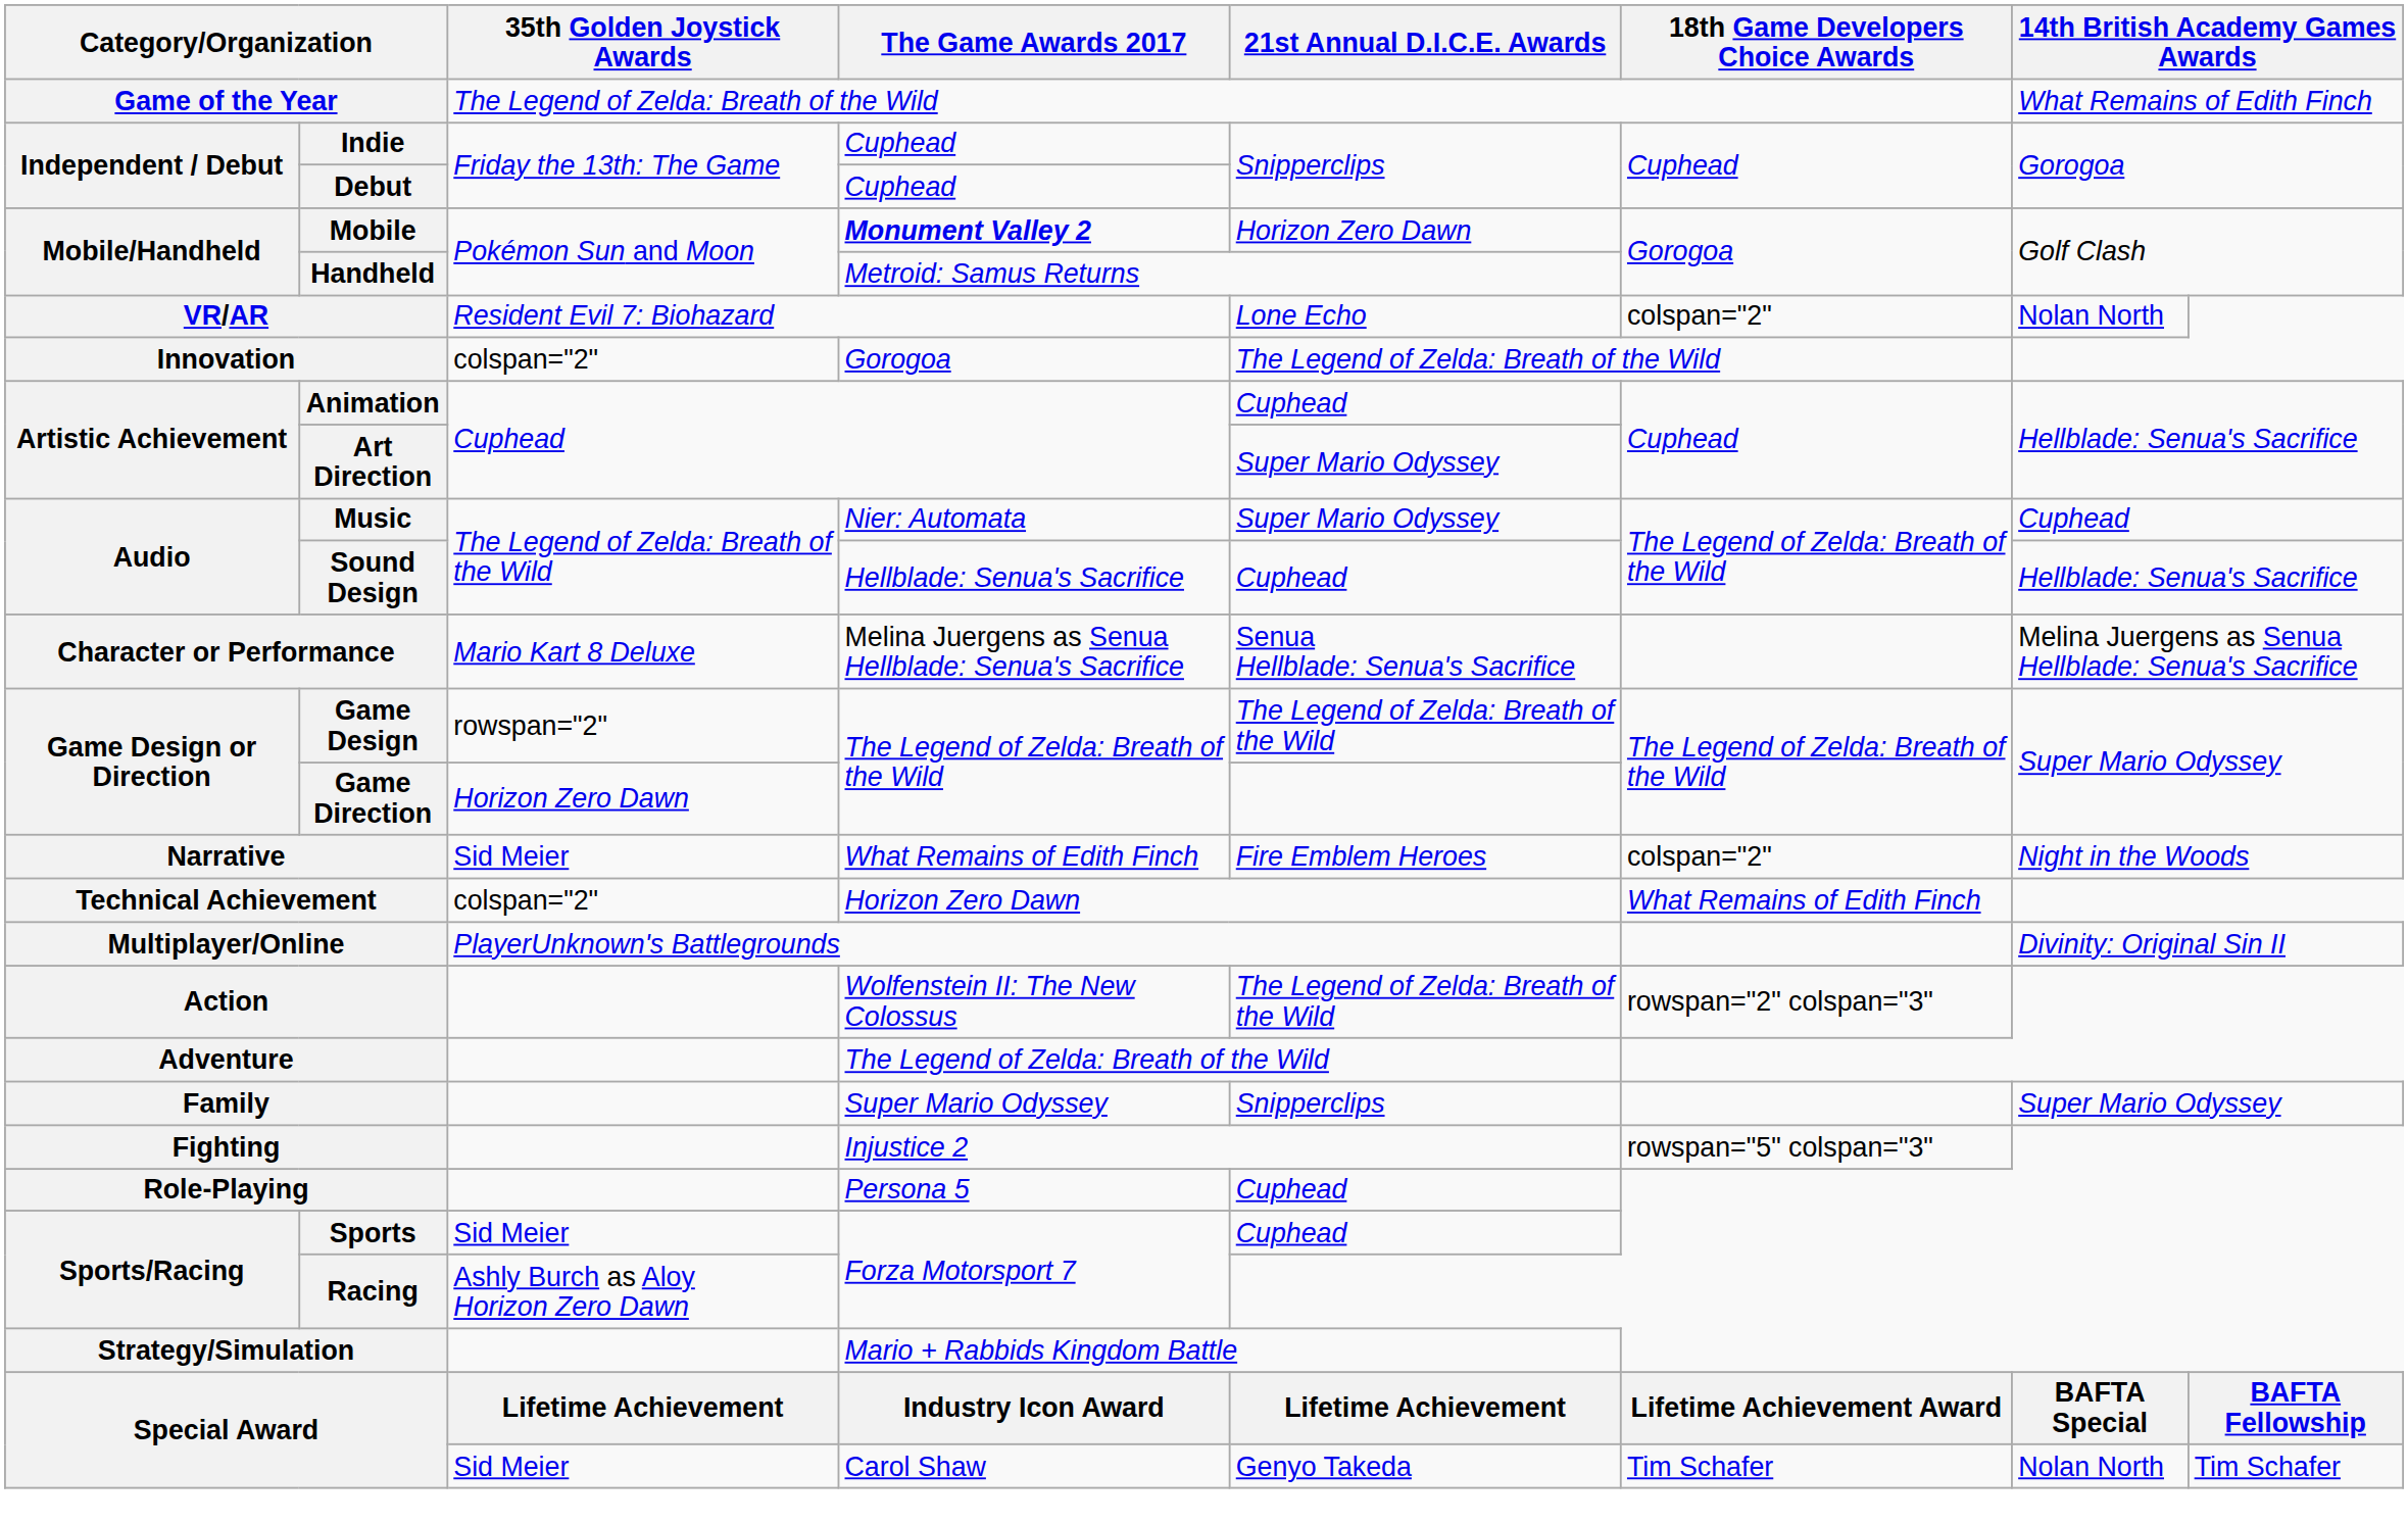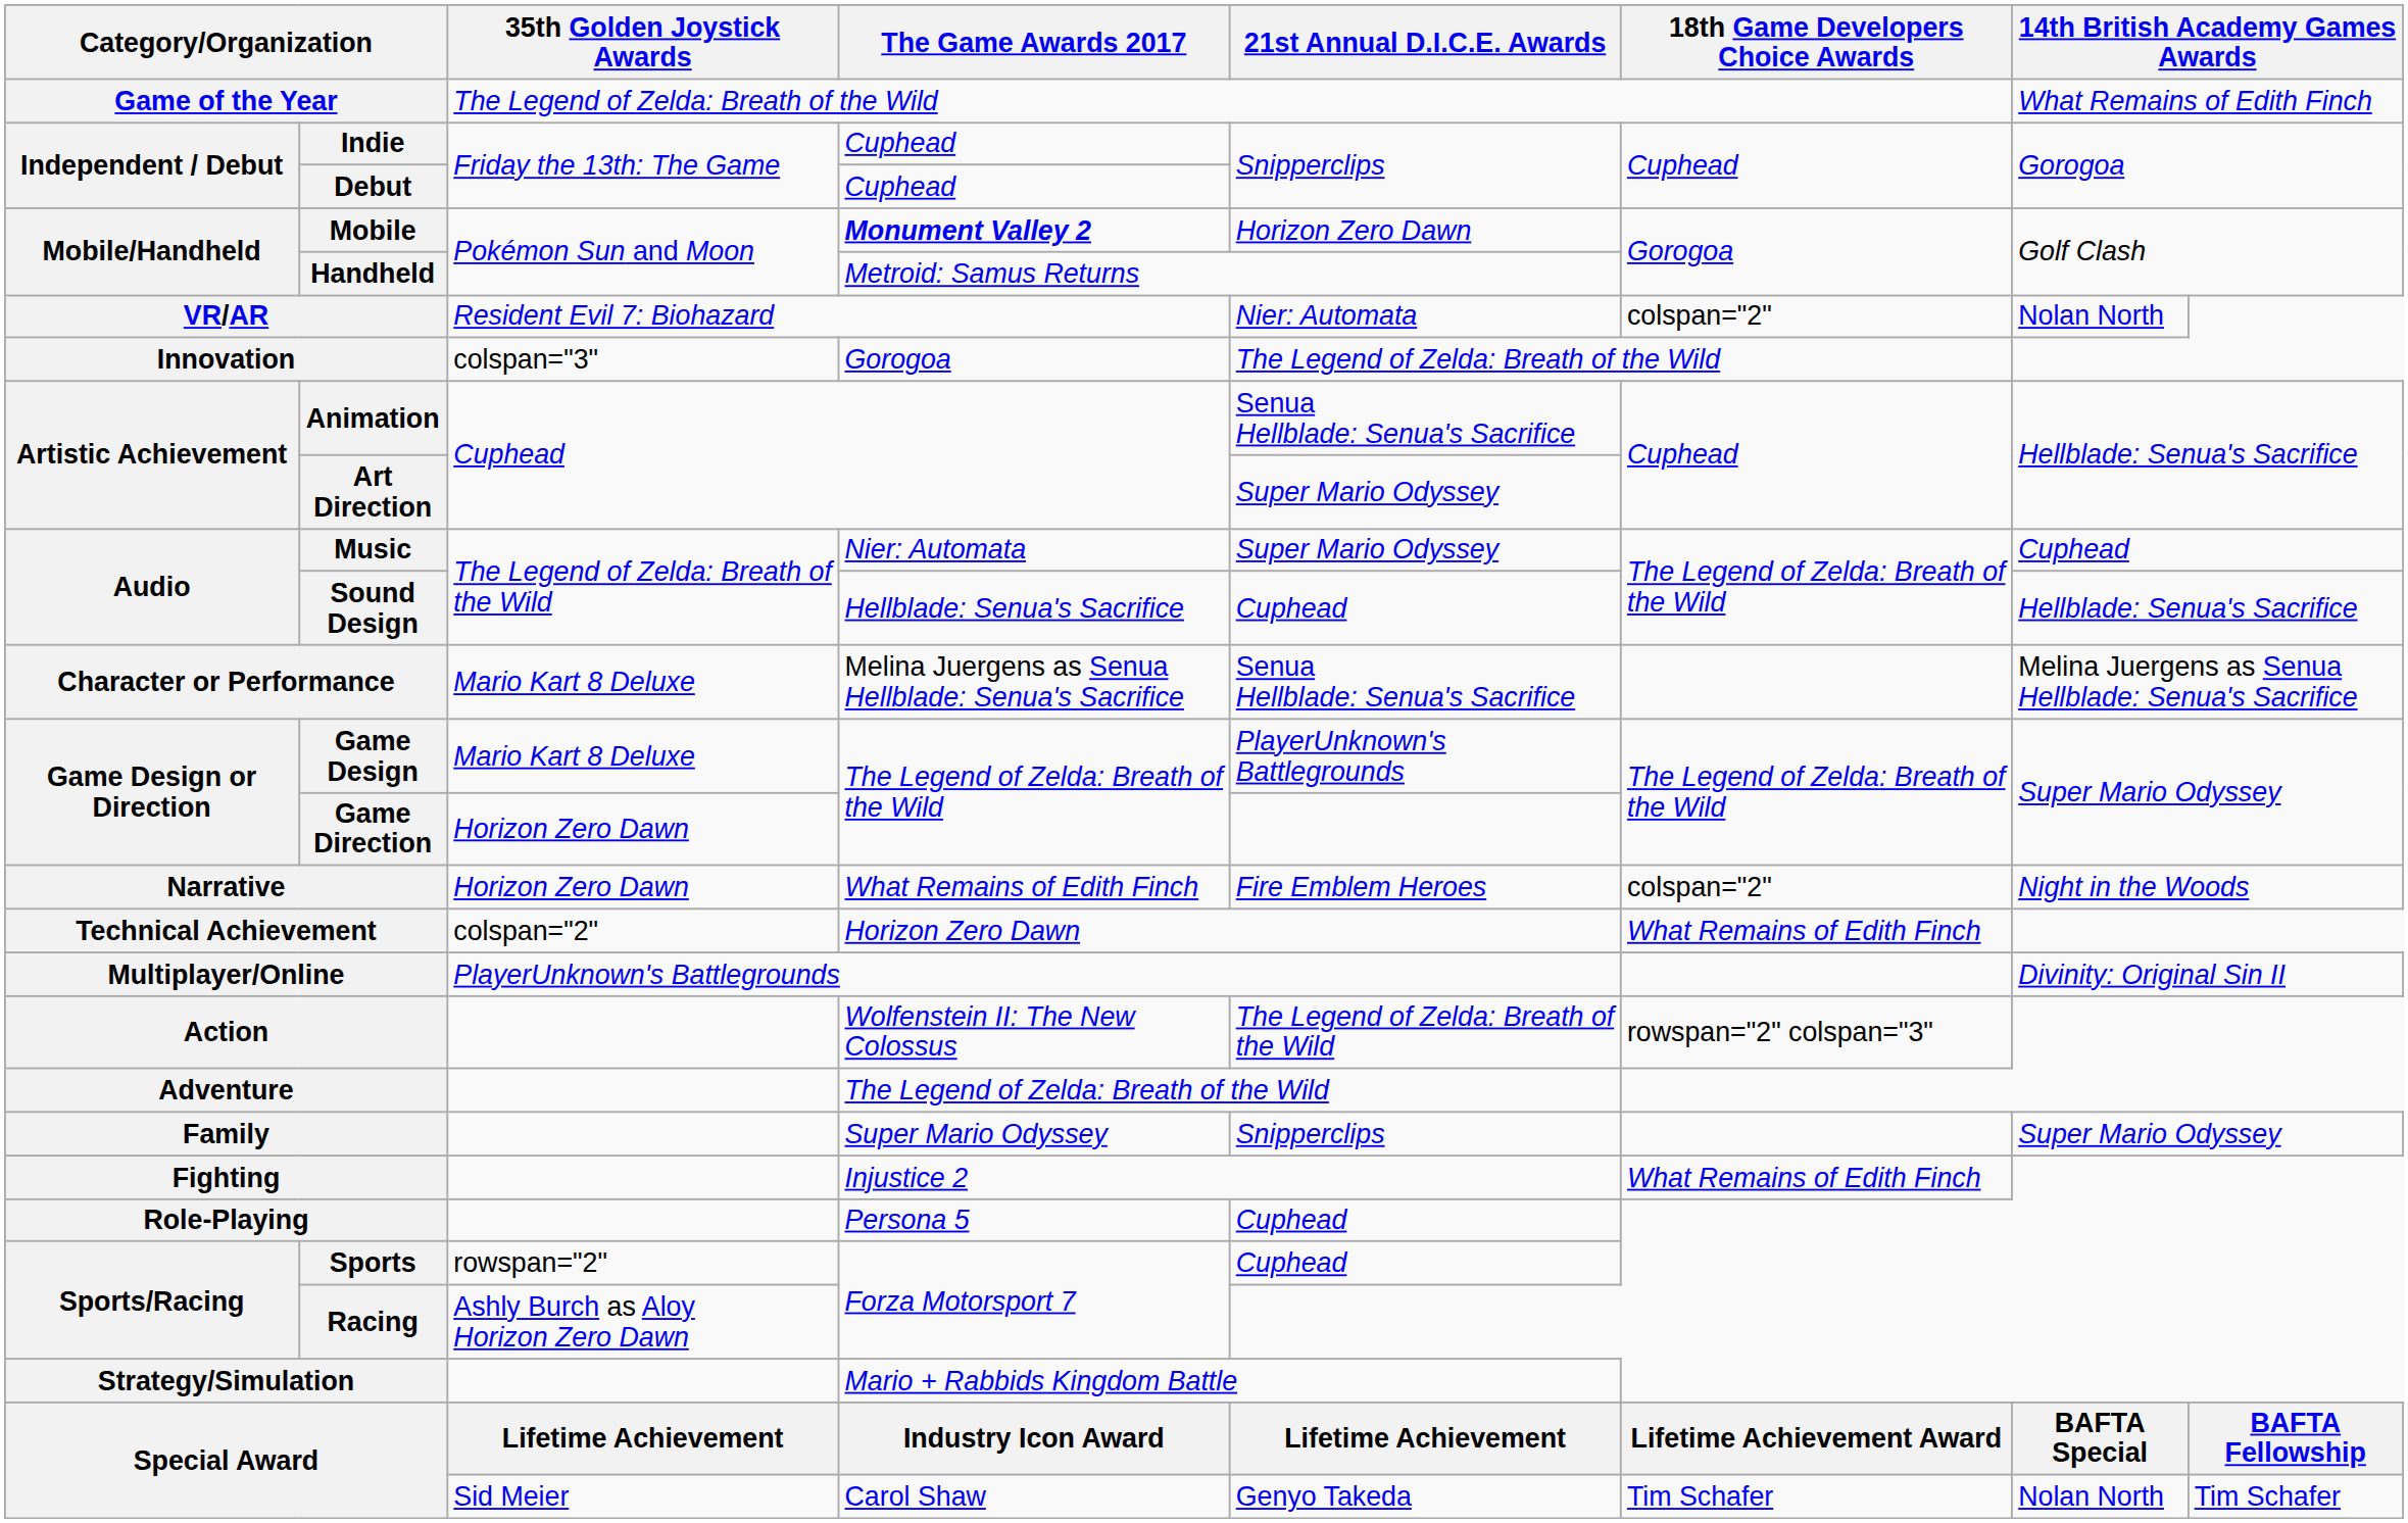 <table class="wikitable" style="border:none; margin:0; width:100%; font-size: 90%;">
 <tr>
 <th colspan="2" style="width:17%">Category/Organization</th>
 <th style="width:16%;">35th <a href='#'>Golden Joystick Awards</a><br></th>
 <th style="width:16%;"><a href='#'>The Game Awards 2017</a><br></th>
 <th style="width:16%;"><a href='#'>21st Annual D.I.C.E. Awards</a><br></th>
 <th style="width:16%;">18th <a href='#'>Game Developers Choice Awards</a><br></th>
 <th colspan="2" style="width:16%;"><a href='#'>14th British Academy Games Awards</a><br></th>
 </tr>
 <tr>
 <th scope="row" colspan="2"><a href='#'>Game of the Year</a></th>
 <td colspan=4><em><a href='#'>The Legend of Zelda: Breath of the Wild</a></em></td>
 <td colspan="2"><em><a href='#'>What Remains of Edith Finch</a></em></td>
 </tr>
 <tr>
 <th scope="row"  rowspan="2" style="width:9%;">Independent / Debut</th>
 <th>Indie</th>
 <td rowspan="2"><em><a href='#'>Friday the 13th: The Game</a></em></td>
 <td><em><a href='#'>Cuphead</a></em></td>
 <td rowspan="2"><em><a href='#'>Snipperclips</a></em></td>
 <td rowspan="2"><em><a href='#'>Cuphead</a></em></td>
 <td rowspan="2" colspan="2"><em><a href='#'>Gorogoa</a></em></td>
 </tr>
 <tr>
 <th scope="row">Debut</th>
 <td><em><a href='#'>Cuphead</a></em></td>
 </tr>
 <tr>
 <th scope="row" rowspan="2" style="width:12%;">Mobile/Handheld</th>
 <th>Mobile</th>
 <td rowspan="2"><a href='#'><em>Pokémon Sun</em> and <em>Moon</em></a></td>
 <td><strong><em><a href='#'>Monument Valley 2</a></em></strong></td>
 <td><em><a href='#'>Horizon Zero Dawn</a></em></td>
 <td rowspan="2"><em><a href='#'>Gorogoa</a></em></td>
 <td colspan="2" rowspan="2"><em>Golf Clash</em></td>
 </tr>
 <tr>
 <th scope="row">Handheld</th>
 <td colspan="2"><em><a href='#'>Metroid: Samus Returns</a></em></td>
 </tr>
 <tr>
 <th scope="row" colspan="2"><a href='#'>VR</a>/<a href='#'>AR</a></th>
 <td colspan="2"><em><a href='#'>Resident Evil 7: Biohazard</a></em></td>
-<td><em><a href='#'>Lone Echo</a></em></td>
+<td><em><a href='#'>Nier: Automata</a></em></td>
 <td>colspan="2" </td>
 <td><a href='#'>Nolan North</a></td>
 </tr>
 <tr>
 <th scope="row" colspan="2" style="width:9%;">Innovation</th>
-<td>colspan="2" </td>
+<td>colspan="3" </td>
 <td><em><a href='#'>Gorogoa</a></em></td>
 <td colspan="2"><em><a href='#'>The Legend of Zelda: Breath of the Wild</a></em></td>
 </tr>
 <tr>
 <th scope="row" rowspan="2" style="width:9%;">Artistic Achievement</th>
 <th>Animation</th>
 <td rowspan="2" colspan="2"><em><a href='#'>Cuphead</a></em></td>
-<td><em><a href='#'>Cuphead</a></em></td>
+<td><a href='#'>Senua</a><br><em><a href='#'>Hellblade: Senua's Sacrifice</a></em></td>
 <td rowspan="2"><em><a href='#'>Cuphead</a></em></td>
 <td rowspan="2" colspan="2"><em><a href='#'>Hellblade: Senua's Sacrifice</a></em></td>
 </tr>
 <tr>
 <th scope="row">Art Direction</th>
 <td><em><a href='#'>Super Mario Odyssey</a></em></td>
 </tr>
 <tr>
 <th scope="row" rowspan="2" style="width:12%;">Audio</th>
 <th>Music</th>
 <td rowspan="2"><em><a href='#'>The Legend of Zelda: Breath of the Wild</a></em></td>
 <td><em><a href='#'>Nier: Automata</a></em></td>
 <td><em><a href='#'>Super Mario Odyssey</a></em></td>
 <td rowspan="2"><em><a href='#'>The Legend of Zelda: Breath of the Wild</a></em></td>
 <td colspan="2"><em><a href='#'>Cuphead</a></em></td>
 </tr>
 <tr>
 <th scope="row">Sound Design</th>
 <td><em><a href='#'>Hellblade: Senua's Sacrifice</a></em></td>
 <td><em><a href='#'>Cuphead</a></em></td>
 <td colspan="2"><em><a href='#'>Hellblade: Senua's Sacrifice</a></em></td>
 </tr>
 <tr>
 <th scope="row" colspan="2">Character or Performance</th>
 <td><em><a href='#'>Mario Kart 8 Deluxe</a></em></td>
 <td>Melina Juergens as <a href='#'>Senua</a> <br><em><a href='#'>Hellblade: Senua's Sacrifice</a></em></td>
 <td><a href='#'>Senua</a><br><em><a href='#'>Hellblade: Senua's Sacrifice</a></em></td>
 <td></td>
 <td colspan="2">Melina Juergens as <a href='#'>Senua</a><br><em><a href='#'>Hellblade: Senua's Sacrifice</a></em></td>
 </tr>
 <tr>
 <th scope="row" rowspan="2" style="width:9%;">Game Design or Direction</th>
 <th>Game Design</th>
-<td>rowspan="2" </td>
+<td><em><a href='#'>Mario Kart 8 Deluxe</a></em></td>
 <td rowspan="2"><em><a href='#'>The Legend of Zelda: Breath of the Wild</a></em></td>
-<td><em><a href='#'>The Legend of Zelda: Breath of the Wild</a></em></td>
+<td><em><a href='#'>PlayerUnknown's Battlegrounds</a></em></td>
 <td rowspan="2"><em><a href='#'>The Legend of Zelda: Breath of the Wild</a></em></td>
 <td rowspan="2" colspan="2"><em><a href='#'>Super Mario Odyssey</a></em></td>
 </tr>
 <tr>
 <th scope="row">Game Direction</th>
 <td><em><a href='#'>Horizon Zero Dawn</a></em></td>
 </tr>
 <tr>
 <th scope="row" colspan="2">Narrative</th>
-<td><a href='#'>Sid Meier</a></td>
+<td><em><a href='#'>Horizon Zero Dawn</a></em></td>
 <td><em><a href='#'>What Remains of Edith Finch</a></em></td>
 <td><em><a href='#'>Fire Emblem Heroes</a></em></td>
 <td>colspan="2" </td>
 <td colspan="2"><em><a href='#'>Night in the Woods</a></em></td>
 </tr>
 <tr>
 <th scope="row" colspan="2">Technical Achievement</th>
 <td>colspan="2" </td>
 <td colspan="2"><em><a href='#'>Horizon Zero Dawn</a></em></td>
 <td><em><a href='#'>What Remains of Edith Finch</a></em></td>
 </tr>
 <tr>
 <th scope="row" colspan="2">Multiplayer/Online</th>
 <td colspan="3"><em><a href='#'>PlayerUnknown's Battlegrounds</a></em></td>
 <td></td>
 <td colspan="2"><em><a href='#'>Divinity: Original Sin II</a> </em></td>
 </tr>
 <tr>
 <th scope="row" colspan="2">Action</th>
 <td></td>
 <td><em><a href='#'>Wolfenstein II: The New Colossus</a></em></td>
 <td><em><a href='#'>The Legend of Zelda: Breath of the Wild</a></em></td>
 <td>rowspan="2" colspan="3" </td>
 </tr>
 <tr>
 <th scope="row" colspan="2">Adventure</th>
 <td></td>
 <td colspan="2"><em><a href='#'>The Legend of Zelda: Breath of the Wild</a></em></td>
 </tr>
 <tr>
 <th scope="row" colspan="2">Family</th>
 <td></td>
 <td><em><a href='#'>Super Mario Odyssey</a></em></td>
 <td><em><a href='#'>Snipperclips</a></em></td>
 <td></td>
 <td colspan="2"><em><a href='#'>Super Mario Odyssey</a></em></td>
 </tr>
 <tr>
 <th scope="row" colspan="2">Fighting</th>
 <td></td>
 <td colspan="2"><em><a href='#'>Injustice 2</a></em></td>
-<td>rowspan="5" colspan="3" </td>
+<td><em><a href='#'>What Remains of Edith Finch</a></em></td>
 </tr>
 <tr>
 <th scope="row" colspan="2">Role-Playing</th>
 <td></td>
 <td><em><a href='#'>Persona 5</a></em></td>
 <td><em><a href='#'>Cuphead</a></em></td>
 </tr>
 <tr>
 <th scope="row" rowspan="2">Sports/Racing</th>
 <th>Sports</th>
-<td><a href='#'>Sid Meier</a></td>
+<td>rowspan="2" </td>
 <td rowspan="2"><em><a href='#'>Forza Motorsport 7</a></em></td>
 <td><em><a href='#'>Cuphead</a></em></td>
 </tr>
 <tr>
 <th>Racing</th>
 <td><a href='#'>Ashly Burch</a> as <a href='#'>Aloy</a> <br><em><a href='#'>Horizon Zero Dawn</a></em></td>
 </tr>
 <tr>
 <th scope="row" colspan="2">Strategy/Simulation</th>
 <td></td>
 <td colspan="2"><em><a href='#'>Mario + Rabbids Kingdom Battle</a></em></td>
 </tr>
 <tr>
 <th scope="row" colspan="2" rowspan="2">Special Award</th>
 <th>Lifetime Achievement</th>
 <th>Industry Icon Award</th>
 <th>Lifetime Achievement</th>
 <th>Lifetime Achievement Award</th>
 <th>BAFTA Special</th>
 <th><a href='#'>BAFTA Fellowship</a></th>
 </tr>
 <tr>
 <td><a href='#'>Sid Meier</a></td>
 <td><a href='#'>Carol Shaw</a></td>
 <td><a href='#'>Genyo Takeda</a></td>
 <td><a href='#'>Tim Schafer</a></td>
 <td><a href='#'>Nolan North</a></td>
 <td><a href='#'>Tim Schafer</a></td>
 </tr>
 </table>
